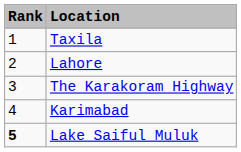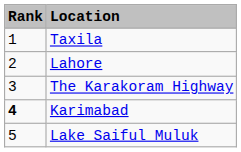 <table class="wikitable">
 <tr style="background:silver;">
 <td><strong>Rank</strong></td>
 <td><strong>Location</strong></td>
 </tr>
 <tr>
 <td>1</td>
 <td><a href='#'>Taxila</a></td>
 </tr>
 <tr>
 <td>2</td>
 <td><a href='#'>Lahore</a></td>
 </tr>
 <tr>
 <td>3</td>
 <td><a href='#'>The Karakoram Highway</a></td>
 </tr>
 <tr>
-<td>4</td>
+<td><strong>4</strong></td>
 <td><a href='#'>Karimabad</a></td>
 </tr>
 <tr>
-<td><strong>5</strong></td>
+<td>5</td>
 <td><a href='#'>Lake Saiful Muluk</a></td>
 </tr>
 </table>
